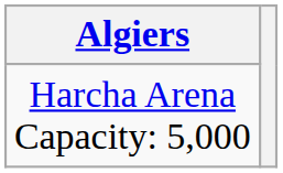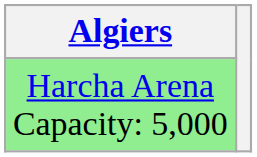 <table class="wikitable" style="text-align:center;">
 <tr>
 <th><a href='#'>Algiers</a></th>
 <th rowspan=6></th>
 </tr>
 <tr>
-<td><a href='#'>Harcha Arena</a><br>Capacity: 5,000</td>
+<td style="background: lightgreen;"><a href='#'>Harcha Arena</a><br>Capacity: 5,000</td>
 </tr>
 </table>
